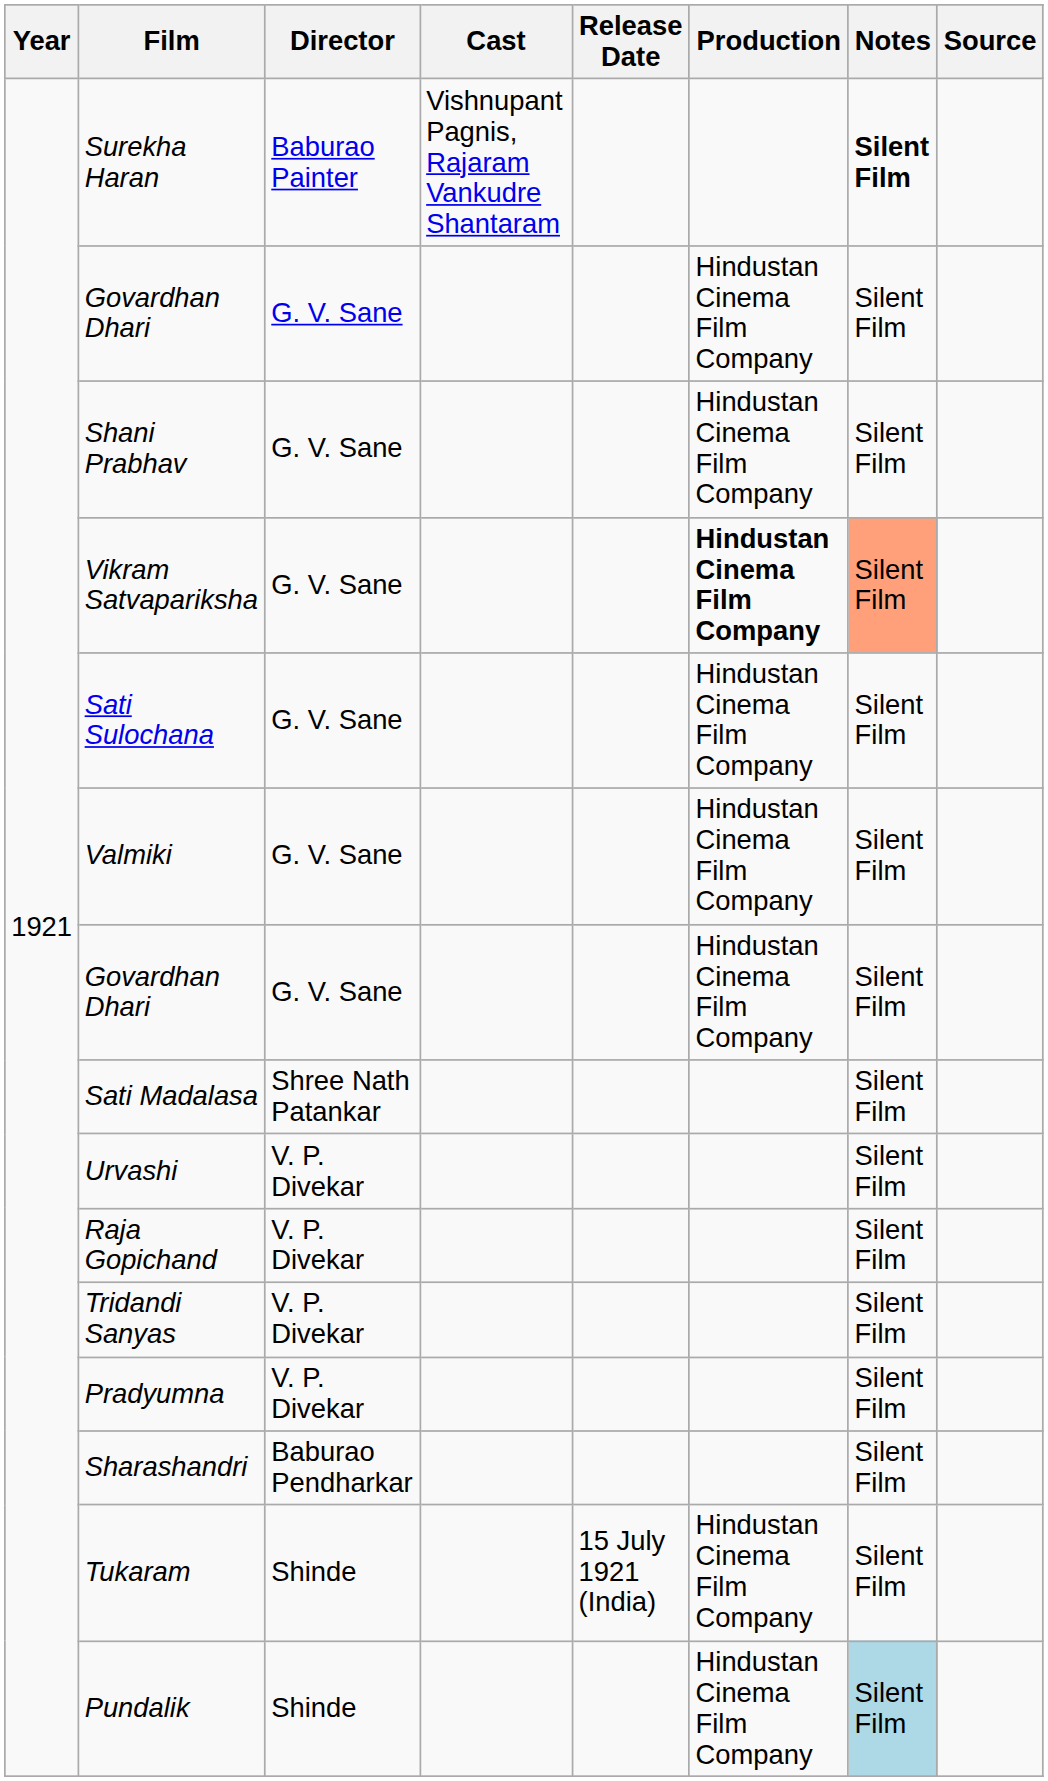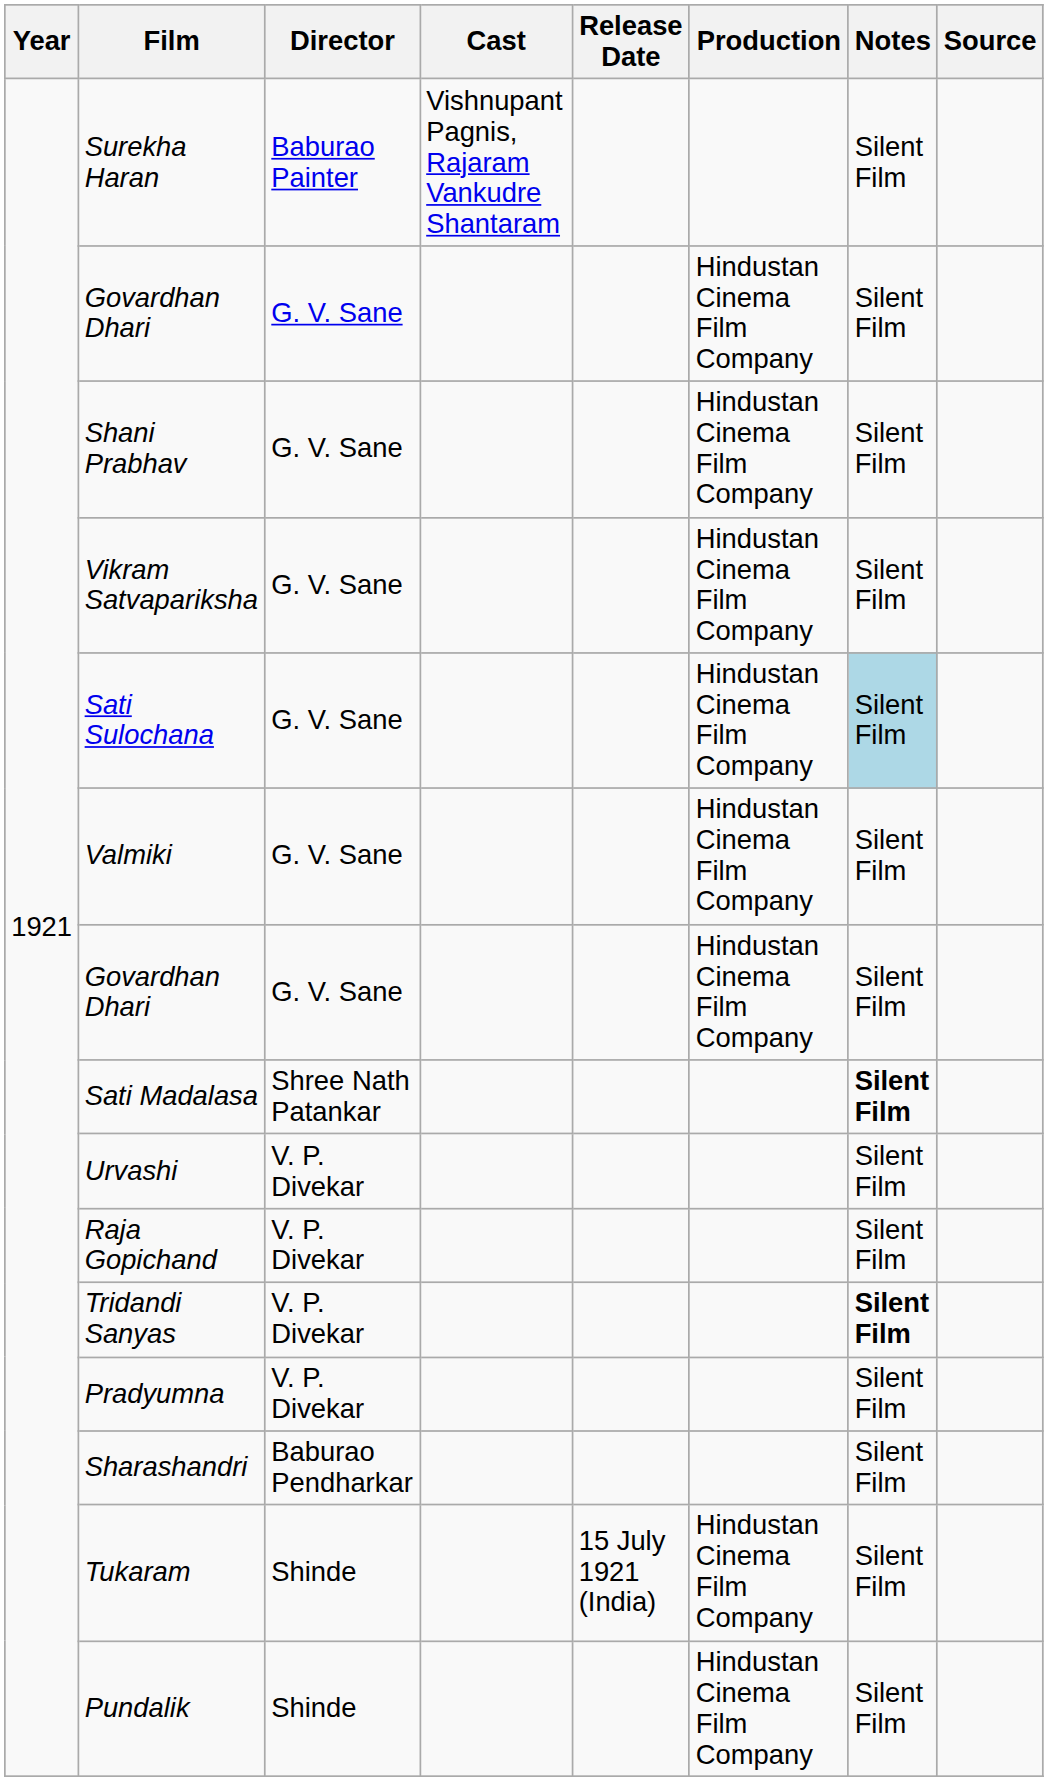 <table class ="wikitable sortable collapsible">
 <tr>
 <th>Year</th>
 <th>Film</th>
 <th>Director</th>
 <th class="unsortable">Cast</th>
 <th>Release Date</th>
 <th class="unsortable">Production</th>
 <th class="unsortable">Notes</th>
 <th class="unsortable">Source</th>
 </tr>
 <tr>
 <td rowspan=15 align="center">1921</td>
 <td><em>Surekha Haran</em></td>
 <td><a href='#'>Baburao Painter</a></td>
 <td>Vishnupant Pagnis, <a href='#'>Rajaram Vankudre Shantaram</a></td>
 <td></td>
 <td></td>
-<td><strong>Silent Film</strong></td>
+<td>Silent Film</td>
 <td></td>
 </tr>
 <tr>
 <td><em>Govardhan Dhari</em></td>
 <td><a href='#'>G. V. Sane</a></td>
 <td></td>
 <td></td>
 <td>Hindustan Cinema Film Company</td>
 <td>Silent Film</td>
 <td></td>
 </tr>
 <tr>
 <td><em>Shani Prabhav</em></td>
 <td>G. V. Sane</td>
 <td></td>
 <td></td>
 <td>Hindustan Cinema Film Company</td>
 <td>Silent Film</td>
 <td></td>
 </tr>
 <tr>
 <td><em>Vikram Satvapariksha</em></td>
 <td>G. V. Sane</td>
 <td></td>
 <td></td>
-<td><strong>Hindustan Cinema Film Company</strong></td>
-<td style="background: lightsalmon;">Silent Film</td>
+<td>Hindustan Cinema Film Company</td>
+<td>Silent Film</td>
 <td></td>
 </tr>
 <tr>
 <td><em><a href='#'>Sati Sulochana</a></em></td>
 <td>G. V. Sane</td>
 <td></td>
 <td></td>
 <td>Hindustan Cinema Film Company</td>
-<td>Silent Film</td>
+<td style="background: lightblue;">Silent Film</td>
 <td></td>
 </tr>
 <tr>
 <td><em>Valmiki</em></td>
 <td>G. V. Sane</td>
 <td></td>
 <td></td>
 <td>Hindustan Cinema Film Company</td>
 <td>Silent Film</td>
 <td></td>
 </tr>
 <tr>
 <td><em>Govardhan Dhari</em></td>
 <td>G. V. Sane</td>
 <td></td>
 <td></td>
 <td>Hindustan Cinema Film Company</td>
 <td>Silent Film</td>
 <td></td>
 </tr>
 <tr>
 <td><em>Sati Madalasa</em></td>
 <td>Shree Nath Patankar</td>
 <td></td>
 <td></td>
 <td></td>
-<td>Silent Film</td>
+<td><strong>Silent Film</strong></td>
 <td></td>
 </tr>
 <tr>
 <td><em>Urvashi </em></td>
 <td>V. P. Divekar</td>
 <td></td>
 <td></td>
 <td></td>
 <td>Silent Film</td>
 <td></td>
 </tr>
 <tr>
 <td><em>Raja Gopichand</em></td>
 <td>V. P. Divekar</td>
 <td></td>
 <td></td>
 <td></td>
 <td>Silent Film</td>
 <td></td>
 </tr>
 <tr>
 <td><em>Tridandi Sanyas</em></td>
 <td>V. P. Divekar</td>
 <td></td>
 <td></td>
 <td></td>
-<td>Silent Film</td>
+<td><strong>Silent Film</strong></td>
 <td></td>
 </tr>
 <tr>
 <td><em>Pradyumna </em></td>
 <td>V. P. Divekar</td>
 <td></td>
 <td></td>
 <td></td>
 <td>Silent Film</td>
 <td></td>
 </tr>
 <tr>
 <td><em>Sharashandri </em></td>
 <td>Baburao Pendharkar</td>
 <td></td>
 <td></td>
 <td></td>
 <td>Silent Film</td>
 <td></td>
 </tr>
 <tr>
 <td><em>Tukaram </em></td>
 <td>Shinde</td>
 <td></td>
 <td>15 July 1921 (India)</td>
 <td>Hindustan Cinema Film Company</td>
 <td>Silent Film</td>
 <td></td>
 </tr>
 <tr>
 <td><em>Pundalik </em></td>
 <td>Shinde</td>
 <td></td>
 <td></td>
 <td>Hindustan Cinema Film Company</td>
-<td style="background: lightblue;">Silent Film</td>
+<td>Silent Film</td>
 <td></td>
 </tr>
 <tr>
 </tr>
 </table>
